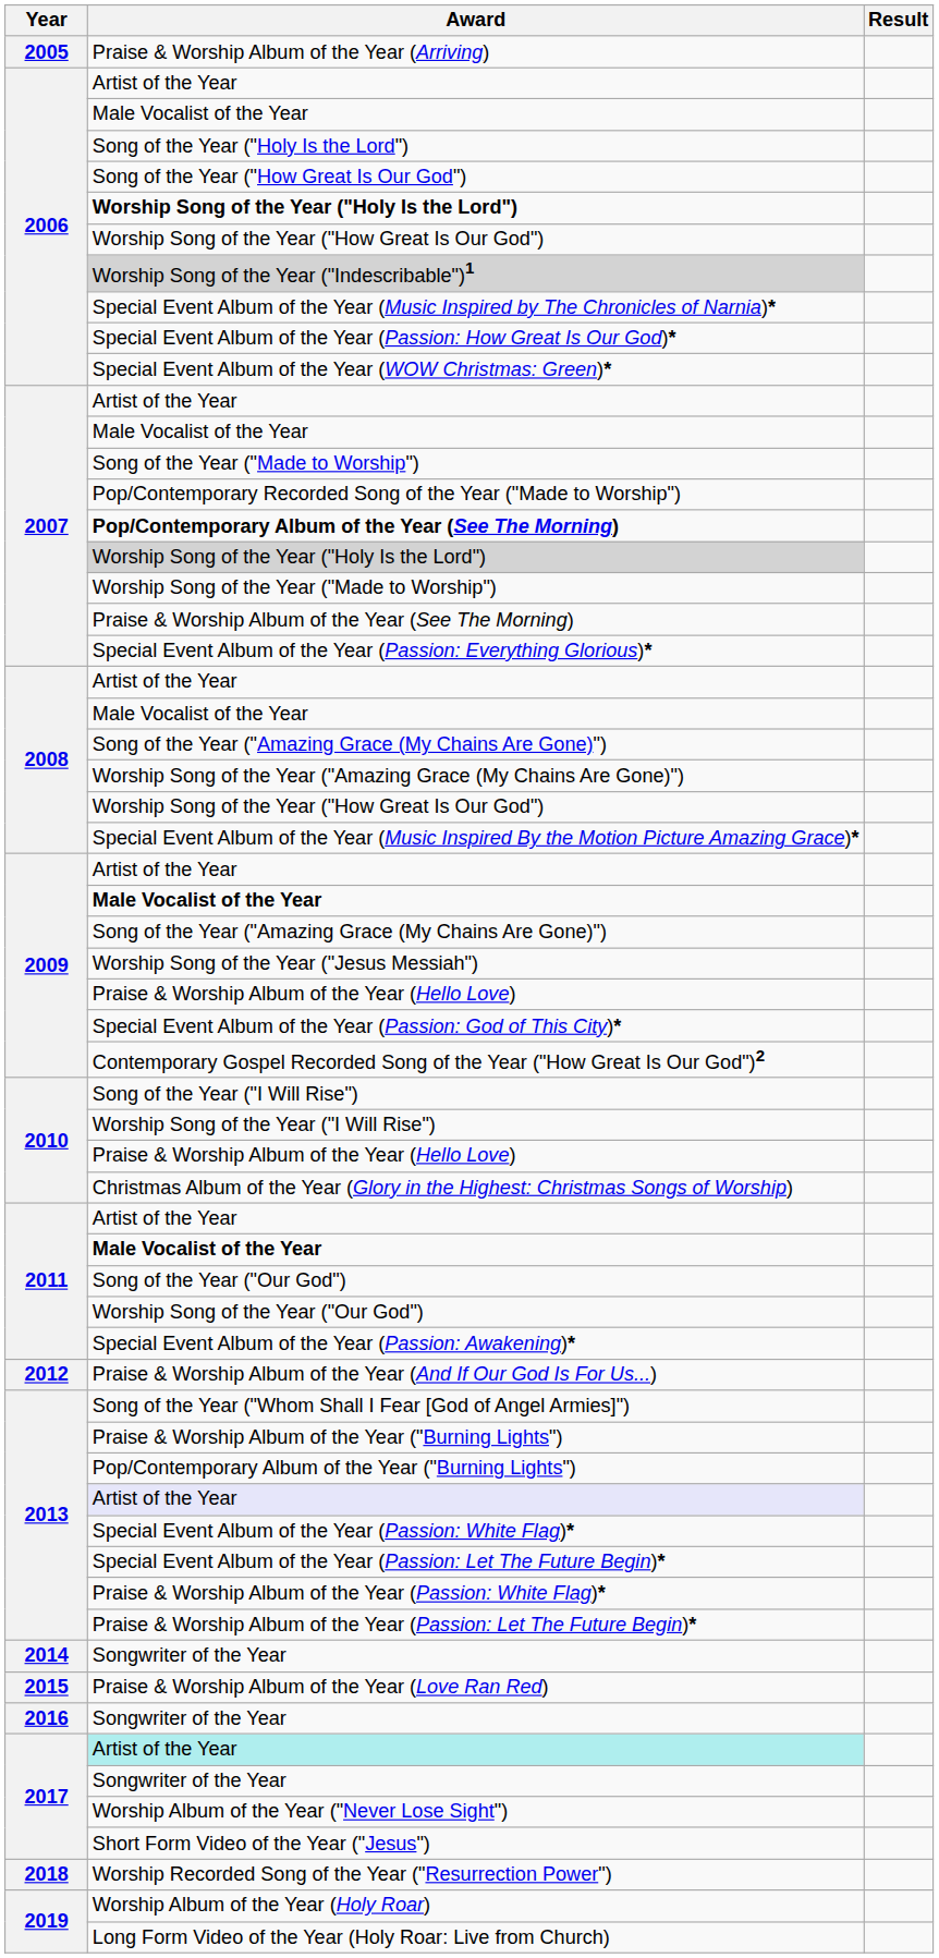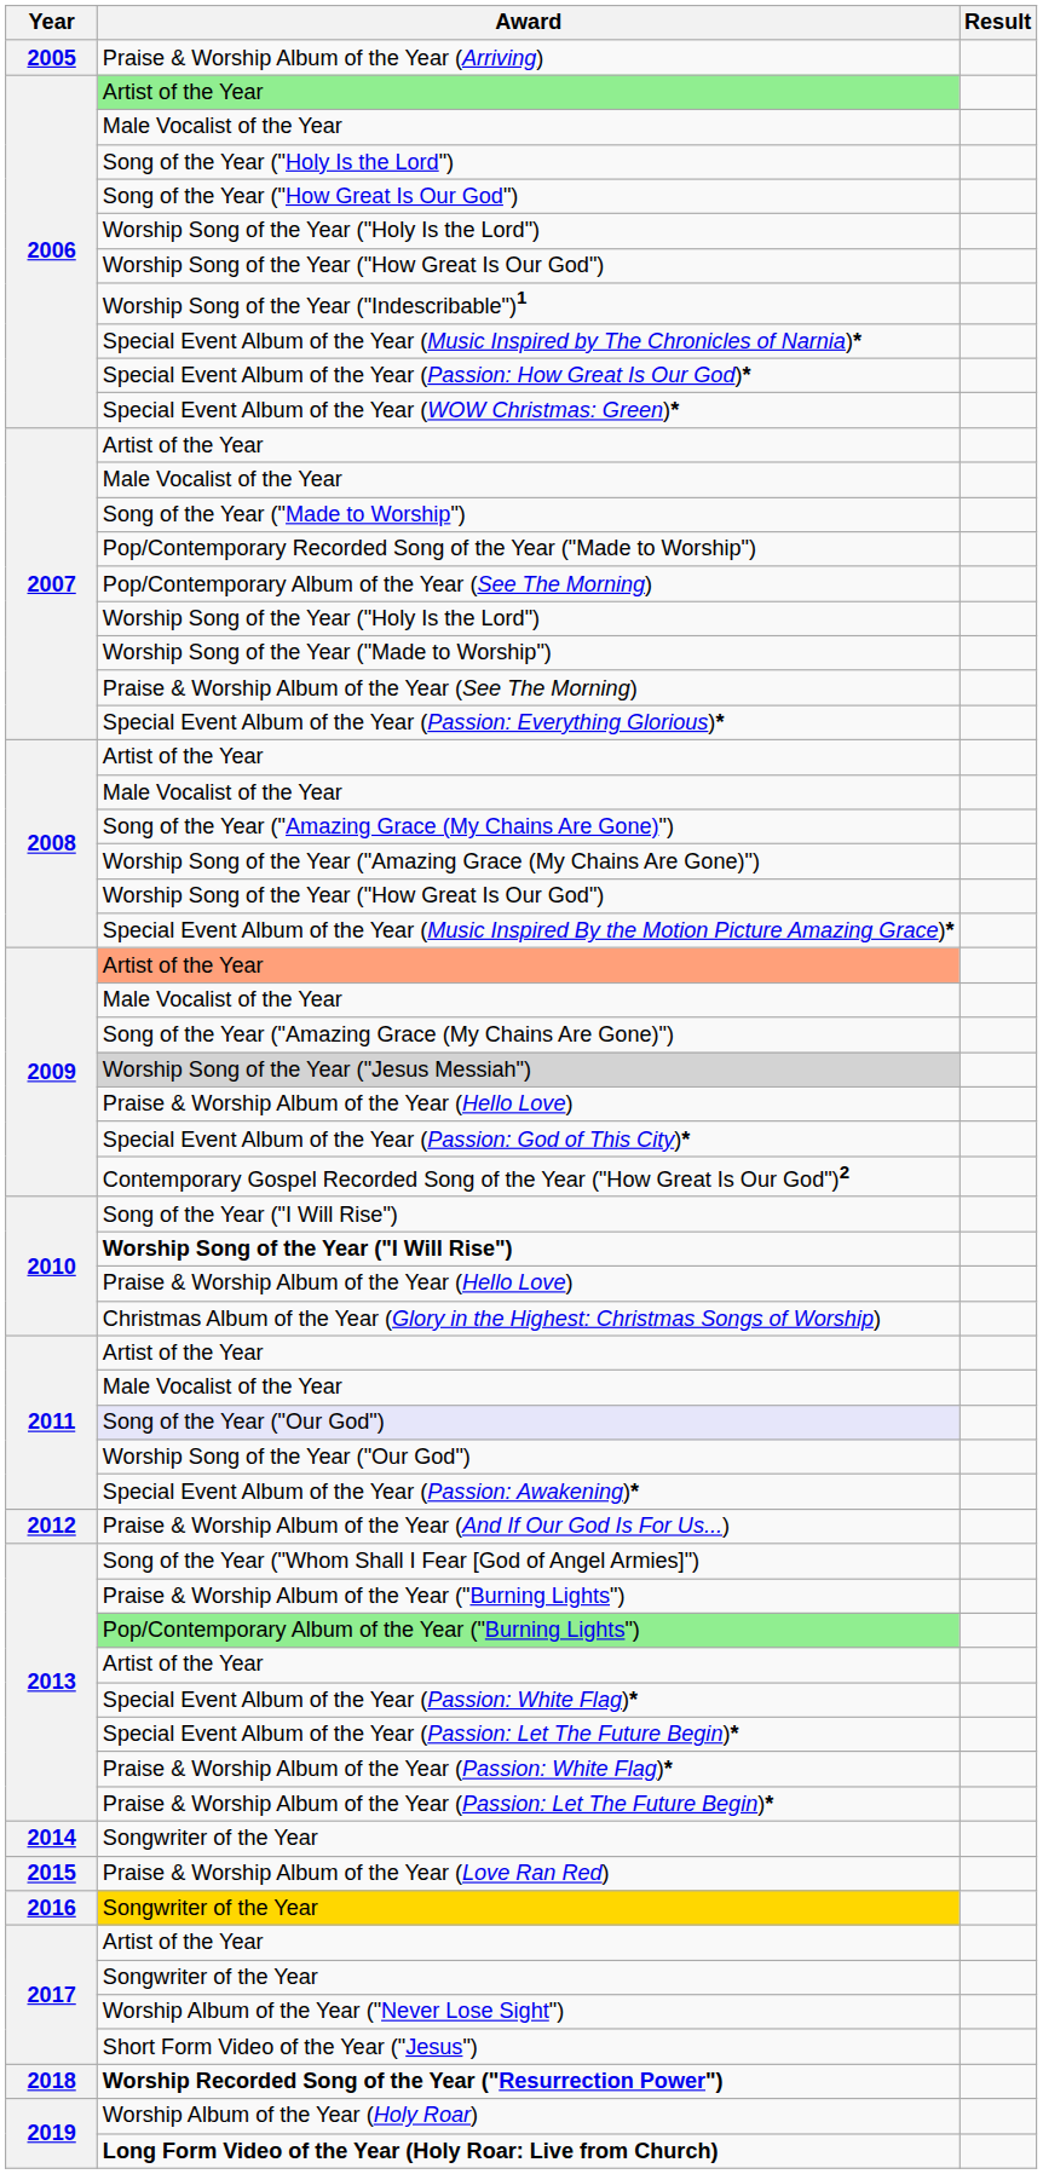 <table class="wikitable">
 <tr>
 <th style="width:60px;">Year</th>
 <th>Award</th>
 <th>Result</th>
 </tr>
 <tr>
 <th><a href='#'>2005</a></th>
 <td>Praise & Worship Album of the Year (<em><a href='#'>Arriving</a></em>)</td>
 <td></td>
 </tr>
 <tr>
 <th rowspan="10"><a href='#'>2006</a></th>
-<td>Artist of the Year</td>
+<td style="background: lightgreen;">Artist of the Year</td>
 <td></td>
 </tr>
 <tr>
 <td>Male Vocalist of the Year</td>
 <td></td>
 </tr>
 <tr>
 <td>Song of the Year ("<a href='#'>Holy Is the Lord</a>")</td>
 <td></td>
 </tr>
 <tr>
 <td>Song of the Year ("<a href='#'>How Great Is Our God</a>")</td>
 <td></td>
 </tr>
 <tr>
-<td><strong>Worship Song of the Year ("Holy Is the Lord")</strong></td>
+<td>Worship Song of the Year ("Holy Is the Lord")</td>
 <td></td>
 </tr>
 <tr>
 <td>Worship Song of the Year ("How Great Is Our God")</td>
 <td></td>
 </tr>
 <tr>
-<td style="background: lightgrey;">Worship Song of the Year ("Indescribable")<sup><strong>1</strong></sup></td>
+<td>Worship Song of the Year ("Indescribable")<sup><strong>1</strong></sup></td>
 <td></td>
 </tr>
 <tr>
 <td>Special Event Album of the Year (<em><a href='#'>Music Inspired by The Chronicles of Narnia</a></em>)<span><strong>*</strong></span></td>
 <td></td>
 </tr>
 <tr>
 <td>Special Event Album of the Year (<em><a href='#'>Passion: How Great Is Our God</a></em>)<span><strong>*</strong></span></td>
 <td></td>
 </tr>
 <tr>
 <td>Special Event Album of the Year (<em><a href='#'>WOW Christmas: Green</a></em>)<span><strong>*</strong></span></td>
 <td></td>
 </tr>
 <tr>
 <th rowspan="9"><a href='#'>2007</a></th>
 <td>Artist of the Year</td>
 <td></td>
 </tr>
 <tr>
 <td>Male Vocalist of the Year</td>
 <td></td>
 </tr>
 <tr>
 <td>Song of the Year ("<a href='#'>Made to Worship</a>")</td>
 <td></td>
 </tr>
 <tr>
 <td>Pop/Contemporary Recorded Song of the Year ("Made to Worship")</td>
 <td></td>
 </tr>
 <tr>
-<td><strong>Pop/Contemporary Album of the Year (<em><a href='#'>See The Morning</a></em>)</strong></td>
+<td>Pop/Contemporary Album of the Year (<em><a href='#'>See The Morning</a></em>)</td>
 <td></td>
 </tr>
 <tr>
-<td style="background: lightgrey;">Worship Song of the Year ("Holy Is the Lord")</td>
+<td>Worship Song of the Year ("Holy Is the Lord")</td>
 <td></td>
 </tr>
 <tr>
 <td>Worship Song of the Year ("Made to Worship")</td>
 <td></td>
 </tr>
 <tr>
 <td>Praise & Worship Album of the Year (<em>See The Morning</em>)</td>
 <td></td>
 </tr>
 <tr>
 <td>Special Event Album of the Year (<em><a href='#'>Passion: Everything Glorious</a></em>)<span><strong>*</strong></span></td>
 <td></td>
 </tr>
 <tr>
 <th rowspan="6"><a href='#'>2008</a></th>
 <td>Artist of the Year</td>
 <td></td>
 </tr>
 <tr>
 <td>Male Vocalist of the Year</td>
 <td></td>
 </tr>
 <tr>
 <td>Song of the Year ("<a href='#'>Amazing Grace (My Chains Are Gone)</a>")</td>
 <td></td>
 </tr>
 <tr>
 <td>Worship Song of the Year ("Amazing Grace (My Chains Are Gone)")</td>
 <td></td>
 </tr>
 <tr>
 <td>Worship Song of the Year ("How Great Is Our God")</td>
 <td></td>
 </tr>
 <tr>
 <td>Special Event Album of the Year (<em><a href='#'>Music Inspired By the Motion Picture Amazing Grace</a></em>)<span><strong>*</strong></span></td>
 <td></td>
 </tr>
 <tr>
 <th rowspan="7"><a href='#'>2009</a></th>
-<td>Artist of the Year</td>
+<td style="background: lightsalmon;">Artist of the Year</td>
 <td></td>
 </tr>
 <tr>
-<td><strong>Male Vocalist of the Year</strong></td>
+<td>Male Vocalist of the Year</td>
 <td></td>
 </tr>
 <tr>
 <td>Song of the Year ("Amazing Grace (My Chains Are Gone)")</td>
 <td></td>
 </tr>
 <tr>
-<td>Worship Song of the Year ("Jesus Messiah")</td>
+<td style="background: lightgrey;">Worship Song of the Year ("Jesus Messiah")</td>
 <td></td>
 </tr>
 <tr>
 <td>Praise & Worship Album of the Year (<em><a href='#'>Hello Love</a></em>)</td>
 <td></td>
 </tr>
 <tr>
 <td>Special Event Album of the Year (<em><a href='#'>Passion: God of This City</a></em>)<span><strong>*</strong></span></td>
 <td></td>
 </tr>
 <tr>
 <td>Contemporary Gospel Recorded Song of the Year ("How Great Is Our God")<sup><strong>2</strong></sup></td>
 <td></td>
 </tr>
 <tr>
 <th rowspan="4"><a href='#'>2010</a></th>
 <td>Song of the Year ("I Will Rise")</td>
 <td></td>
 </tr>
 <tr>
-<td>Worship Song of the Year ("I Will Rise")</td>
+<td><strong>Worship Song of the Year ("I Will Rise")</strong></td>
 <td></td>
 </tr>
 <tr>
 <td>Praise & Worship Album of the Year (<em><a href='#'>Hello Love</a></em>)</td>
 <td></td>
 </tr>
 <tr>
 <td>Christmas Album of the Year (<em><a href='#'>Glory in the Highest: Christmas Songs of Worship</a></em>)</td>
 <td></td>
 </tr>
 <tr>
 <th rowspan="5"><a href='#'>2011</a></th>
 <td>Artist of the Year</td>
 <td></td>
 </tr>
 <tr>
-<td><strong>Male Vocalist of the Year</strong></td>
+<td>Male Vocalist of the Year</td>
 <td></td>
 </tr>
 <tr>
-<td>Song of the Year ("Our God")</td>
+<td style="background: lavender;">Song of the Year ("Our God")</td>
 <td></td>
 </tr>
 <tr>
 <td>Worship Song of the Year ("Our God")</td>
 <td></td>
 </tr>
 <tr>
 <td>Special Event Album of the Year (<em><a href='#'>Passion: Awakening</a></em>)<span><strong>*</strong></span></td>
 <td></td>
 </tr>
 <tr>
 <th rowspan="1"><a href='#'>2012</a></th>
 <td>Praise & Worship Album of the Year (<em><a href='#'>And If Our God Is For Us...</a></em>)</td>
 <td></td>
 </tr>
 <tr>
 <th rowspan="8"><a href='#'>2013</a></th>
 <td>Song of the Year ("Whom Shall I Fear [God of Angel Armies]")</td>
 <td></td>
 </tr>
 <tr>
 <td>Praise & Worship Album of the Year ("<a href='#'>Burning Lights</a>")</td>
 <td></td>
 </tr>
 <tr>
-<td>Pop/Contemporary Album of the Year ("<a href='#'>Burning Lights</a>")</td>
+<td style="background: lightgreen;">Pop/Contemporary Album of the Year ("<a href='#'>Burning Lights</a>")</td>
 <td></td>
 </tr>
 <tr>
-<td style="background: lavender;">Artist of the Year</td>
+<td>Artist of the Year</td>
 <td></td>
 </tr>
 <tr>
 <td>Special Event Album of the Year (<em><a href='#'>Passion: White Flag</a></em>)<span><strong>*</strong></span></td>
 <td></td>
 </tr>
 <tr>
 <td>Special Event Album of the Year (<em><a href='#'>Passion: Let The Future Begin</a></em>)<span><strong>*</strong></span></td>
 <td></td>
 </tr>
 <tr>
 <td>Praise & Worship Album of the Year (<em><a href='#'>Passion: White Flag</a></em>)<span><strong>*</strong></span></td>
 <td></td>
 </tr>
 <tr>
 <td>Praise & Worship Album of the Year (<em><a href='#'>Passion: Let The Future Begin</a></em>)<span><strong>*</strong></span></td>
 <td></td>
 </tr>
 <tr>
 <th rowspan="1"><a href='#'>2014</a></th>
 <td>Songwriter of the Year</td>
 <td></td>
 </tr>
 <tr>
 <th rowspan="1"><a href='#'>2015</a></th>
 <td>Praise & Worship Album of the Year (<em><a href='#'>Love Ran Red</a></em>)</td>
 <td></td>
 </tr>
 <tr>
 <th rowspan="1"><a href='#'>2016</a></th>
-<td>Songwriter of the Year</td>
+<td style="background: gold;">Songwriter of the Year</td>
 <td></td>
 </tr>
 <tr>
 <th rowspan="4"><a href='#'>2017</a></th>
-<td style="background: paleturquoise;">Artist of the Year</td>
+<td>Artist of the Year</td>
 <td></td>
 </tr>
 <tr>
 <td>Songwriter of the Year</td>
 <td></td>
 </tr>
 <tr>
 <td>Worship Album of the Year ("<a href='#'>Never Lose Sight</a>")</td>
 <td></td>
 </tr>
 <tr>
 <td>Short Form Video of the Year ("<a href='#'>Jesus</a>")</td>
 <td></td>
 </tr>
 <tr>
 <th><a href='#'>2018</a></th>
-<td>Worship Recorded Song of the Year ("<a href='#'>Resurrection Power</a>")</td>
+<td><strong>Worship Recorded Song of the Year ("<a href='#'>Resurrection Power</a>")</strong></td>
 <td></td>
 </tr>
 <tr>
 <th rowspan="2"><a href='#'>2019</a></th>
 <td>Worship Album of the Year (<em><a href='#'>Holy Roar</a></em>)</td>
 <td></td>
 </tr>
 <tr>
-<td>Long Form Video of the Year (Holy Roar: Live from Church)</td>
+<td><strong>Long Form Video of the Year (Holy Roar: Live from Church)</strong></td>
 <td></td>
 </tr>
 </table>
